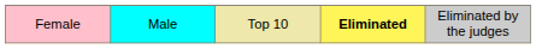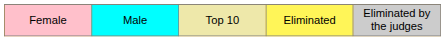 <table border="2" cellpadding="4" style="background:orange; border:1px solid gray; border-collapse:collapse; margin:1em auto; text-align:center;">
 <tr>
 </tr>
 <tr>
 <td style="background:pink;" width="20%">Female</td>
 <td style="background:cyan;" width="20%">Male</td>
 <td style="background:palegoldenrod;" width="20%">Top 10</td>
-<td style="background:#FFF558;" width="20%"><strong>Eliminated</strong></td>
+<td style="background:#FFF558;" width="20%">Eliminated</td>
 <td style="background:#cccccc;" width="20%">Eliminated by the judges</td>
 </tr>
 </table>
